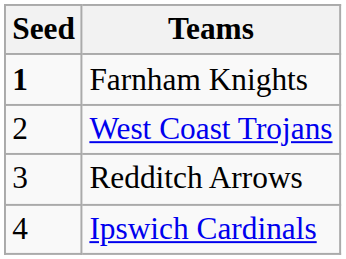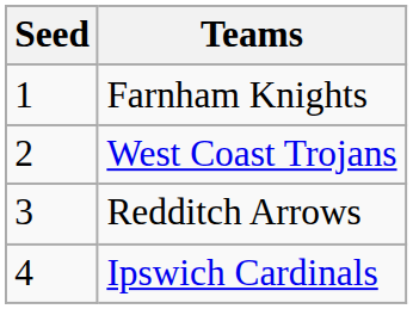 <table class="wikitable">
 <tr>
 <th>Seed</th>
 <th>Teams</th>
 </tr>
 <tr>
-<td><strong>1</strong></td>
+<td>1</td>
 <td>Farnham Knights</td>
 </tr>
 <tr>
 <td>2</td>
 <td><a href='#'>West Coast Trojans</a></td>
 </tr>
 <tr>
 <td>3</td>
 <td>Redditch Arrows</td>
 </tr>
 <tr>
 <td>4</td>
 <td><a href='#'>Ipswich Cardinals</a></td>
 </tr>
 </table>
